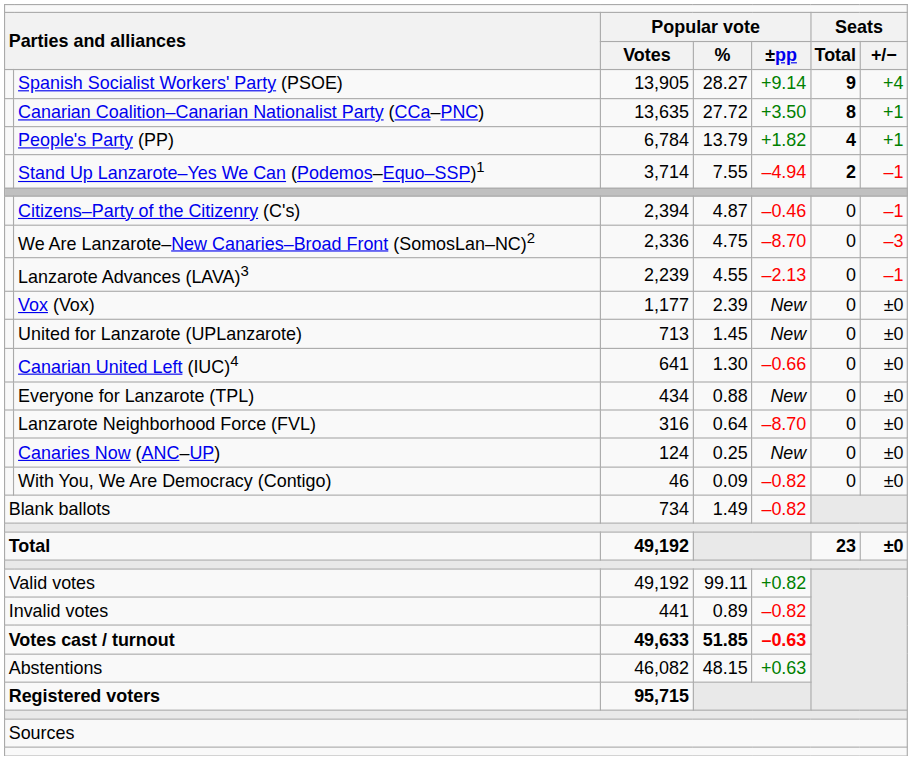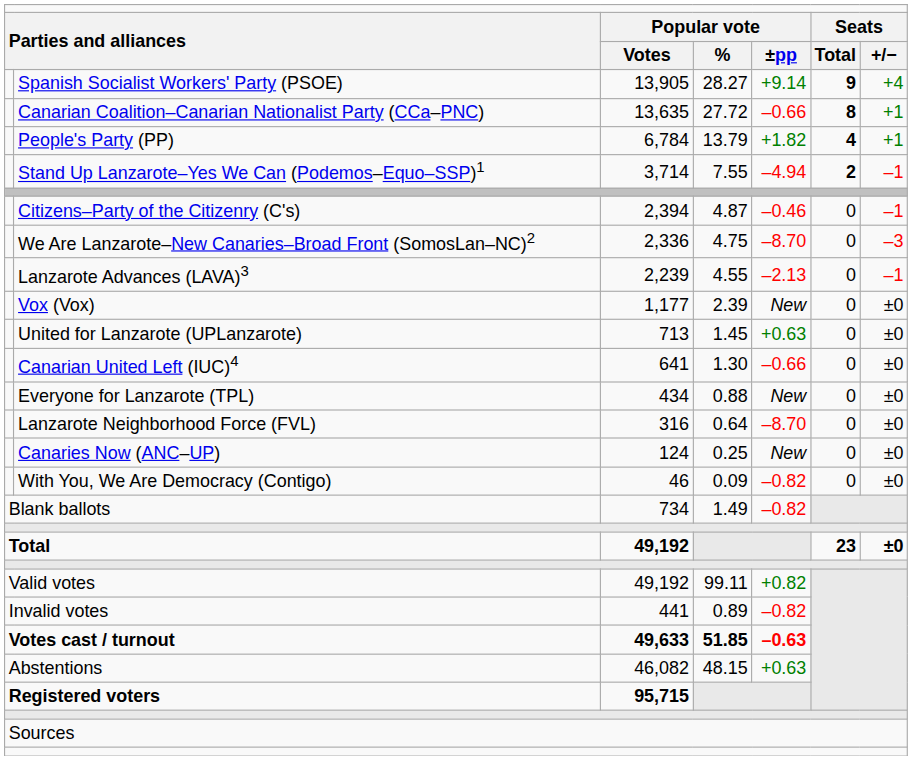 <table class="wikitable" style="text-align:right;">
 <tr>
 <td colspan="7"></td>
 </tr>
 <tr>
 <th style="text-align:left;" rowspan="2" colspan="2" width="525">Parties and alliances</th>
 <th colspan="3">Popular vote</th>
 <th colspan="2">Seats</th>
 </tr>
 <tr>
 <th width="75">Votes</th>
 <th width="45">%</th>
 <th width="45">±<a href='#'>pp</a></th>
 <th width="35">Total</th>
 <th width="35">+/−</th>
 </tr>
 <tr>
 <td width="1" style="color:inherit;background:"></td>
 <td align="left"><a href='#'>Spanish Socialist Workers' Party</a> (PSOE)</td>
 <td>13,905</td>
 <td>28.27</td>
 <td style="color:green;">+9.14</td>
 <td><strong>9</strong></td>
 <td style="color:green;">+4</td>
 </tr>
 <tr>
 <td style="color:inherit;background:"></td>
 <td align="left"><a href='#'>Canarian Coalition–Canarian Nationalist Party</a> (<a href='#'>CCa</a>–<a href='#'>PNC</a>)</td>
 <td>13,635</td>
 <td>27.72</td>
-<td style="color:green;">+3.50</td>
+<td style="color:red;">–0.66</td>
 <td><strong>8</strong></td>
 <td style="color:green;">+1</td>
 </tr>
 <tr>
 <td style="color:inherit;background:"></td>
 <td align="left"><a href='#'>People's Party</a> (PP)</td>
 <td>6,784</td>
 <td>13.79</td>
 <td style="color:green;">+1.82</td>
 <td><strong>4</strong></td>
 <td style="color:green;">+1</td>
 </tr>
 <tr>
 <td style="color:inherit;background:"></td>
 <td align="left"><a href='#'>Stand Up Lanzarote–Yes We Can</a> (<a href='#'>Podemos</a>–<a href='#'>Equo–SSP</a>)<sup>1</sup></td>
 <td>3,714</td>
 <td>7.55</td>
 <td style="color:red;">–4.94</td>
 <td><strong>2</strong></td>
 <td style="color:red;">–1</td>
 </tr>
 <tr>
 <td colspan="7" bgcolor="#C0C0C0"></td>
 </tr>
 <tr>
 <td style="color:inherit;background:"></td>
 <td align="left"><a href='#'>Citizens–Party of the Citizenry</a> (C's)</td>
 <td>2,394</td>
 <td>4.87</td>
 <td style="color:red;">–0.46</td>
 <td>0</td>
 <td style="color:red;">–1</td>
 </tr>
 <tr>
 <td style="color:inherit;background:"></td>
 <td align="left">We Are Lanzarote–<a href='#'>New Canaries–Broad Front</a> (SomosLan–NC)<sup>2</sup></td>
 <td>2,336</td>
 <td>4.75</td>
 <td style="color:red;">–8.70</td>
 <td>0</td>
 <td style="color:red;">–3</td>
 </tr>
 <tr>
 <td style="color:inherit;background:"></td>
 <td align="left">Lanzarote Advances (LAVA)<sup>3</sup></td>
 <td>2,239</td>
 <td>4.55</td>
 <td style="color:red;">–2.13</td>
 <td>0</td>
 <td style="color:red;">–1</td>
 </tr>
 <tr>
 <td style="color:inherit;background:"></td>
 <td align="left"><a href='#'>Vox</a> (Vox)</td>
 <td>1,177</td>
 <td>2.39</td>
 <td><em>New</em></td>
 <td>0</td>
 <td>±0</td>
 </tr>
 <tr>
 <td style="color:inherit;background:"></td>
 <td align="left">United for Lanzarote (UPLanzarote)</td>
 <td>713</td>
 <td>1.45</td>
-<td><em>New</em></td>
+<td style="color:green;">+0.63</td>
 <td>0</td>
 <td>±0</td>
 </tr>
 <tr>
 <td style="color:inherit;background:"></td>
 <td align="left"><a href='#'>Canarian United Left</a> (IUC)<sup>4</sup></td>
 <td>641</td>
 <td>1.30</td>
 <td style="color:red;">–0.66</td>
 <td>0</td>
 <td>±0</td>
 </tr>
 <tr>
 <td style="color:inherit;background:"></td>
 <td align="left">Everyone for Lanzarote (TPL)</td>
 <td>434</td>
 <td>0.88</td>
 <td><em>New</em></td>
 <td>0</td>
 <td>±0</td>
 </tr>
 <tr>
 <td style="color:inherit;background:"></td>
 <td align="left">Lanzarote Neighborhood Force (FVL)</td>
 <td>316</td>
 <td>0.64</td>
 <td style="color:red;">–8.70</td>
 <td>0</td>
 <td>±0</td>
 </tr>
 <tr>
 <td style="color:inherit;background:"></td>
 <td align="left"><a href='#'>Canaries Now</a> (<a href='#'>ANC</a>–<a href='#'>UP</a>)</td>
 <td>124</td>
 <td>0.25</td>
 <td><em>New</em></td>
 <td>0</td>
 <td>±0</td>
 </tr>
 <tr>
 <td style="color:inherit;background:"></td>
 <td align="left">With You, We Are Democracy (Contigo)</td>
 <td>46</td>
 <td>0.09</td>
 <td style="color:red;">–0.82</td>
 <td>0</td>
 <td>±0</td>
 </tr>
 <tr>
 <td align="left" colspan="2">Blank ballots</td>
 <td>734</td>
 <td>1.49</td>
 <td style="color:red;">–0.82</td>
 <td bgcolor="#E9E9E9" colspan="2"></td>
 </tr>
 <tr>
 <td colspan="7" bgcolor="#E9E9E9"></td>
 </tr>
 <tr style="font-weight:bold;">
 <td align="left" colspan="2">Total</td>
 <td>49,192</td>
 <td bgcolor="#E9E9E9" colspan="2"></td>
 <td>23</td>
 <td>±0</td>
 </tr>
 <tr>
 <td colspan="7" bgcolor="#E9E9E9"></td>
 </tr>
 <tr>
 <td align="left" colspan="2">Valid votes</td>
 <td>49,192</td>
 <td>99.11</td>
 <td style="color:green;">+0.82</td>
 <td bgcolor="#E9E9E9" colspan="2" rowspan="5"></td>
 </tr>
 <tr>
 <td align="left" colspan="2">Invalid votes</td>
 <td>441</td>
 <td>0.89</td>
 <td style="color:red;">–0.82</td>
 </tr>
 <tr style="font-weight:bold;">
 <td align="left" colspan="2">Votes cast / turnout</td>
 <td>49,633</td>
 <td>51.85</td>
 <td style="color:red;">–0.63</td>
 </tr>
 <tr>
 <td align="left" colspan="2">Abstentions</td>
 <td>46,082</td>
 <td>48.15</td>
 <td style="color:green;">+0.63</td>
 </tr>
 <tr style="font-weight:bold;">
 <td align="left" colspan="2">Registered voters</td>
 <td>95,715</td>
 <td bgcolor="#E9E9E9" colspan="2"></td>
 </tr>
 <tr>
 <td colspan="7" bgcolor="#E9E9E9"></td>
 </tr>
 <tr>
 <td align="left" colspan="7">Sources</td>
 </tr>
 <tr>
 <td colspan="7" style="text-align:left; max-width:790px;"></td>
 </tr>
 </table>
